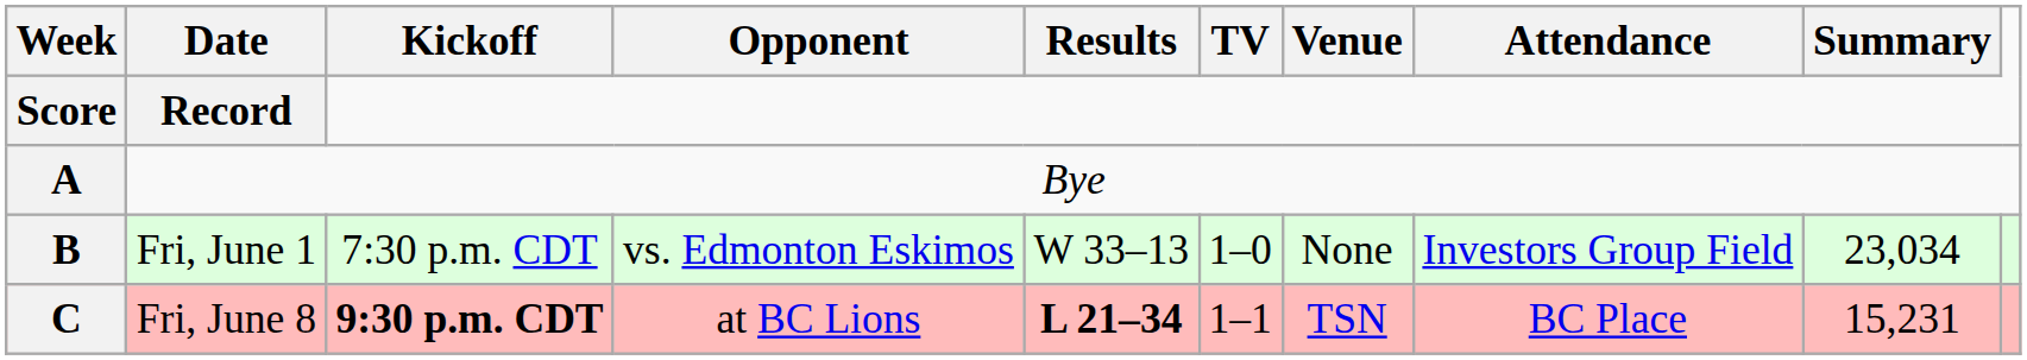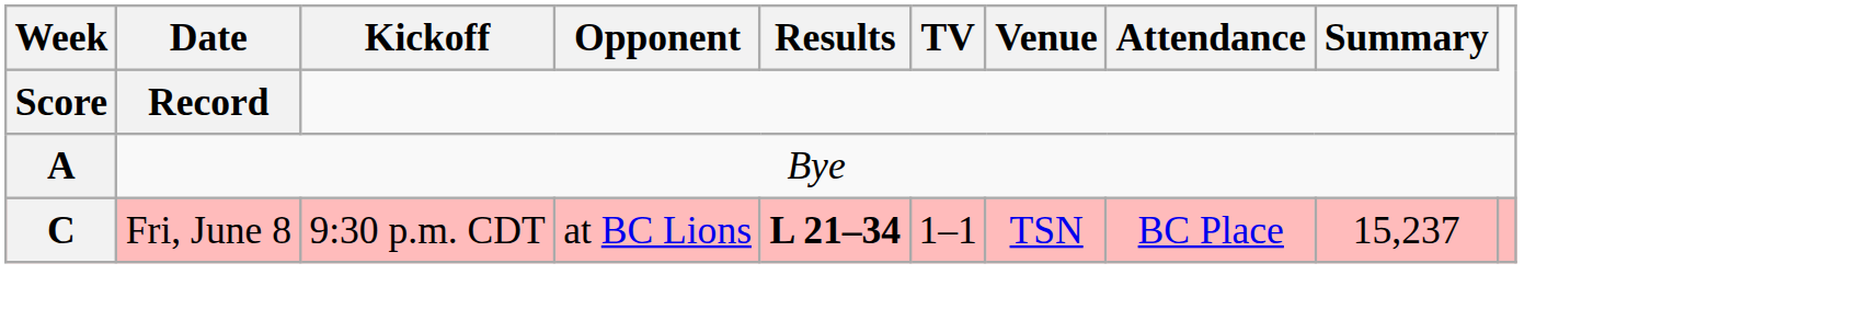 <table class="wikitable" style="font-size: 95%;">
 <tr>
 <th scope="col">Week</th>
 <th scope="col">Date</th>
 <th scope="col">Kickoff</th>
 <th scope="col">Opponent</th>
 <th scope="col">Results</th>
 <th scope="col">TV</th>
 <th scope="col">Venue</th>
 <th scope="col">Attendance</th>
 <th scope="col">Summary</th>
 </tr>
 <tr>
 <th scope="col">Score</th>
 <th scope="col">Record</th>
 </tr>
 <tr style= bgcolor="ffffff">
 <th align="center">A</th>
 <td colspan=9 align="center" valign="middle"><em>Bye</em></td>
 </tr>
-<tr align="center" bgcolor="#ddffdd">
-<th align="center">B</th>
-<td align="center">Fri, June 1</td>
-<td align="center">7:30 p.m. <a href='#'>CDT</a></td>
-<td align="center">vs. <a href='#'>Edmonton Eskimos</a></td>
-<td align="center">W 33–13</td>
-<td align="center">1–0</td>
-<td align="center">None</td>
-<td align="center"><a href='#'>Investors Group Field</a></td>
-<td align="center">23,034</td>
-<td align="center"></td>
-</tr>
 <tr align="center" bgcolor="#ffbbbb">
 <th align="center">C</th>
 <td align="center">Fri, June 8</td>
-<td align="center"><strong>9:30 p.m. CDT</strong></td>
+<td align="center">9:30 p.m. CDT</td>
 <td align="center">at <a href='#'>BC Lions</a></td>
 <td align="center"><strong>L 21–34</strong></td>
 <td align="center">1–1</td>
 <td align="center"><a href='#'>TSN</a></td>
 <td align="center"><a href='#'>BC Place</a></td>
-<td align="center">15,231</td>
+<td align="center">15,237</td>
 <td align="center"></td>
 </tr>
 </table>
